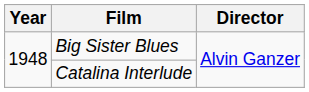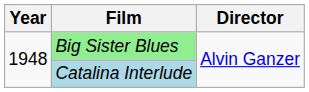 <table class="wikitable">
 <tr>
 <th>Year</th>
 <th>Film</th>
 <th>Director</th>
 </tr>
 <tr>
 <td rowspan=2>1948</td>
-<td><em>Big Sister Blues</em></td>
+<td style="background: lightgreen;"><em>Big Sister Blues</em></td>
 <td rowspan=2><a href='#'>Alvin Ganzer</a></td>
 </tr>
 <tr>
-<td><em>Catalina Interlude</em></td>
+<td style="background: lightblue;"><em>Catalina Interlude</em></td>
 </tr>
 </table>
